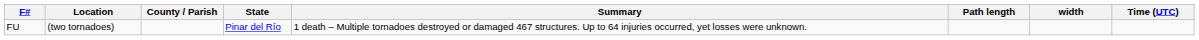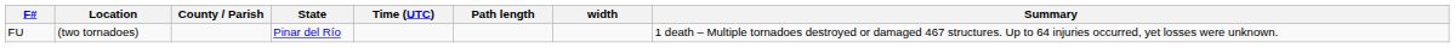 <table class="wikitable sortable" style="width:100%;">
 <tr>
 <th scope="col"  style="width:3%; text-align:center;"><a href='#'>F#</a></th>
 <th scope="col"  style="width:7%; text-align:center;" class="unsortable">Location</th>
 <th scope="col"  style="width:6%; text-align:center;" class="unsortable">County / Parish</th>
 <th scope="col"  style="width:5%; text-align:center;">State</th>
-<th scope="col" class="unsortable" style="width:48%; text-align:center;">Summary</th>
+<th scope="col"  style="width:6%; text-align:center;">Time (<a href='#'>UTC</a>)</th>
 <th scope="col"  style="width:6%; text-align:center;">Path length</th>
 <th scope="col"  style="width:6%; text-align:center;"> width</th>
-<th scope="col"  style="width:6%; text-align:center;">Time (<a href='#'>UTC</a>)</th>
+<th scope="col" class="unsortable" style="width:48%; text-align:center;">Summary</th>
 </tr>
 <tr>
 <td>FU</td>
 <td> (two tornadoes)</td>
 <td></td>
 <td><a href='#'>Pinar del Río</a></td>
-<td>1 death – Multiple tornadoes destroyed or damaged 467 structures. Up to 64 injuries occurred, yet losses were unknown.</td>
 <td></td>
 <td></td>
 <td></td>
+<td>1 death – Multiple tornadoes destroyed or damaged 467 structures. Up to 64 injuries occurred, yet losses were unknown.</td>
 </tr>
 </table>
